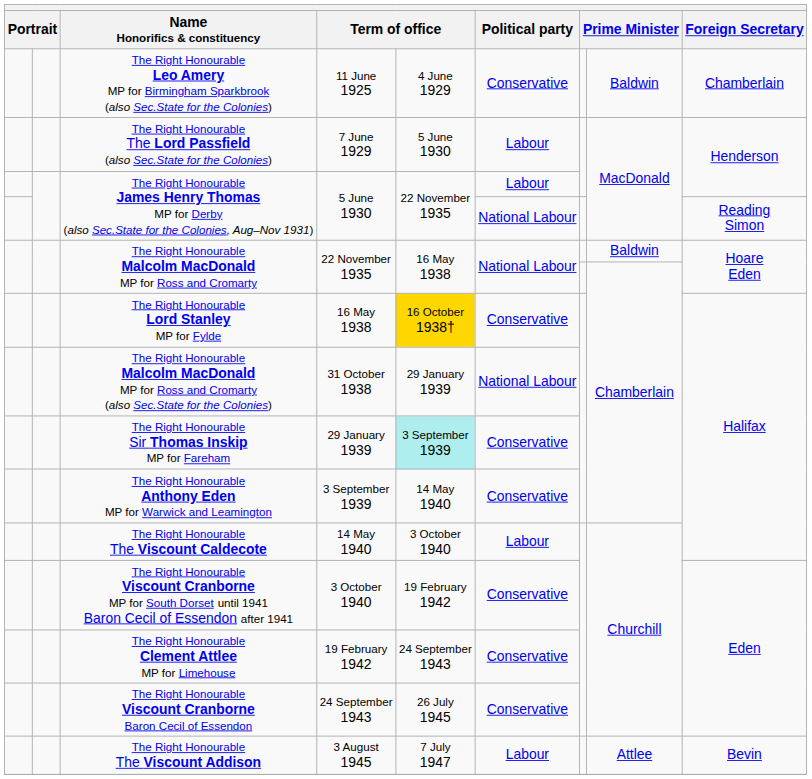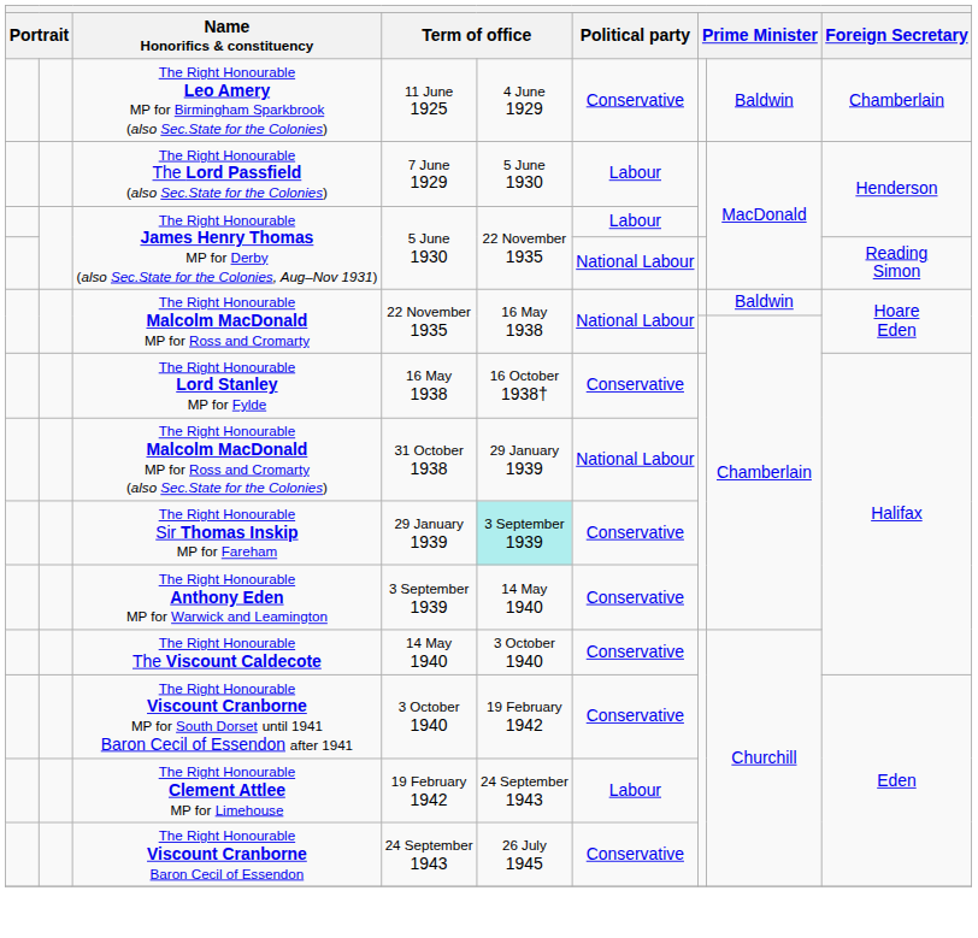 <table class="wikitable" style="text-align:Center;">
 <tr>
 <th colspan=9></th>
 </tr>
 <tr>
 <th colspan=2>Portrait</th>
 <th>Name<br><small>Honorifics & constituency</small></th>
 <th colspan=2>Term of office</th>
 <th>Political party</th>
 <th colspan=2><a href='#'>Prime Minister</a></th>
 <th><a href='#'>Foreign Secretary</a></th>
 </tr>
 <tr>
 <td style="background-color: "></td>
 <td></td>
 <td><small><a href='#'>The Right Honourable</a></small><br><strong><a href='#'>Leo Amery</a></strong><br><small>MP for <a href='#'>Birmingham Sparkbrook</a></small><br><small>(<em>also <a href='#'>Sec.State for the Colonies</a></em>)</small></td>
 <td><small>11 June</small><br>1925</td>
 <td><small>4 June</small><br>1929</td>
 <td><a href='#'>Conservative</a></td>
 <td style="background-color: "></td>
 <td><a href='#'>Baldwin</a></td>
 <td><a href='#'>Chamberlain</a></td>
 </tr>
 <tr>
 <td style="background-color: "></td>
 <td></td>
 <td><small><a href='#'>The Right Honourable</a></small><br><a href='#'>The <strong>Lord Passfield</strong></a><br><small>(<em>also <a href='#'>Sec.State for the Colonies</a></em>)</small></td>
 <td><small>7 June</small><br>1929</td>
 <td><small>5 June</small><br>1930</td>
 <td><a href='#'>Labour</a></td>
 <td rowspan=2 style="background-color: "></td>
 <td rowspan=3><a href='#'>MacDonald</a></td>
 <td rowspan=2><a href='#'>Henderson</a></td>
 </tr>
 <tr>
 <td style="background-color: "></td>
 <td rowspan=2></td>
 <td rowspan=2><small><a href='#'>The Right Honourable</a></small><br><strong><a href='#'>James Henry Thomas</a></strong><br><small>MP for <a href='#'>Derby</a></small><br><small>(<em>also <a href='#'>Sec.State for the Colonies</a>, Aug–Nov 1931</em>)</small></td>
 <td rowspan=2><small>5 June</small><br>1930</td>
 <td rowspan=2><small>22 November</small><br>1935</td>
 <td><a href='#'>Labour</a></td>
 </tr>
 <tr>
 <td style="background-color: "></td>
 <td><a href='#'>National Labour</a></td>
 <td style="background-color: "></td>
 <td><a href='#'>Reading</a><br><a href='#'>Simon</a></td>
 </tr>
 <tr>
 <td rowspan=2 style="background-color: "></td>
 <td rowspan=2></td>
 <td rowspan=2><small><a href='#'>The Right Honourable</a></small><br><strong><a href='#'>Malcolm MacDonald</a></strong><br><small>MP for <a href='#'>Ross and Cromarty</a></small></td>
 <td rowspan=2><small>22 November</small><br>1935</td>
 <td rowspan=2><small>16 May</small><br>1938</td>
 <td rowspan=2><a href='#'>National Labour</a></td>
 <td style="background-color: "></td>
 <td><a href='#'>Baldwin</a></td>
 <td rowspan="2"><a href='#'>Hoare</a><br><a href='#'>Eden</a></td>
 </tr>
 <tr>
 <td height=15 style="background-color: "></td>
 <td rowspan="5"><a href='#'>Chamberlain</a></td>
 </tr>
 <tr>
 <td style="background-color: "></td>
 <td></td>
 <td><small><a href='#'>The Right Honourable</a></small><br><a href='#'><strong>Lord Stanley</strong></a><br><small>MP for <a href='#'>Fylde</a></small></td>
 <td><small>16 May</small><br>1938</td>
-<td style="background: gold;"><small>16 October</small><br>1938†</td>
+<td><small>16 October</small><br>1938†</td>
 <td><a href='#'>Conservative</a></td>
 <td rowspan=4 style="background-color: "></td>
 <td rowspan=5><a href='#'>Halifax</a></td>
 </tr>
 <tr>
 <td style="background-color: "></td>
 <td></td>
 <td><small><a href='#'>The Right Honourable</a></small><br><strong><a href='#'>Malcolm MacDonald</a></strong><br><small>MP for <a href='#'>Ross and Cromarty</a></small><br><small>(<em>also <a href='#'>Sec.State for the Colonies</a></em>)</small></td>
 <td><small>31 October</small><br>1938</td>
 <td><small>29 January</small><br>1939</td>
 <td><a href='#'>National Labour</a></td>
 </tr>
 <tr>
 <td style="background-color: "></td>
 <td></td>
 <td><small><a href='#'>The Right Honourable</a></small><br><a href='#'>Sir <strong>Thomas Inskip</strong></a><br><small>MP for <a href='#'>Fareham</a></small></td>
 <td><small>29 January</small><br>1939</td>
 <td style="background: paleturquoise;"><small>3 September</small><br>1939</td>
 <td><a href='#'>Conservative</a></td>
 </tr>
 <tr>
 <td style="background-color: "></td>
 <td></td>
 <td><small><a href='#'>The Right Honourable</a></small><br><strong><a href='#'>Anthony Eden</a></strong><br><small>MP for <a href='#'>Warwick and Leamington</a></small></td>
 <td><small>3 September</small><br>1939</td>
 <td><small>14 May</small><br>1940</td>
 <td><a href='#'>Conservative</a></td>
 </tr>
 <tr>
 <td style="background-color: "></td>
 <td></td>
 <td><small><a href='#'>The Right Honourable</a></small><br><a href='#'>The <strong>Viscount Caldecote</strong></a></td>
 <td><small>14 May</small><br>1940</td>
 <td><small>3 October</small><br>1940</td>
-<td><a href='#'>Labour</a></td>
+<td><a href='#'>Conservative</a></td>
 <td rowspan=4 style="background-color: "></td>
 <td rowspan=4><a href='#'>Churchill</a></td>
 </tr>
 <tr>
 <td style="background-color: "></td>
 <td></td>
 <td><small><a href='#'>The Right Honourable</a></small><br><a href='#'><strong>Viscount Cranborne</strong></a><br><small>MP for <a href='#'>South Dorset</a></small> <small>until 1941</small><br><a href='#'>Baron Cecil of Essendon</a> <small>after 1941</small></td>
 <td><small>3 October</small><br>1940</td>
 <td><small>19 February</small><br>1942</td>
 <td><a href='#'>Conservative</a></td>
 <td rowspan=3><a href='#'>Eden</a></td>
 </tr>
 <tr>
 <td style="background-color: "></td>
 <td></td>
 <td><small><a href='#'>The Right Honourable</a></small><br><strong><a href='#'>Clement Attlee</a></strong><br><small>MP for <a href='#'>Limehouse</a></small></td>
 <td><small>19 February</small><br>1942</td>
 <td><small>24 September</small><br>1943</td>
-<td><a href='#'>Conservative</a></td>
+<td><a href='#'>Labour</a></td>
 </tr>
 <tr>
 <td style="background-color: "></td>
 <td></td>
 <td><small><a href='#'>The Right Honourable</a></small><br><a href='#'><strong>Viscount Cranborne</strong></a><br><small><a href='#'>Baron Cecil of Essendon</a></small></td>
 <td><small>24 September</small><br>1943</td>
 <td><small>26 July</small><br>1945</td>
 <td><a href='#'>Conservative</a></td>
 </tr>
 <tr>
-<td style="background-color: "></td>
-<td></td>
-<td><small><a href='#'>The Right Honourable</a></small><br><a href='#'>The <strong>Viscount Addison</strong></a></td>
-<td><small>3 August</small><br>1945</td>
-<td><small>7 July</small><br>1947</td>
-<td><a href='#'>Labour</a></td>
-<td style="background-color: "></td>
-<td><a href='#'>Attlee</a></td>
-<td><a href='#'>Bevin</a></td>
-</tr>
-<tr>
 </tr>
 </table>
